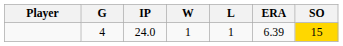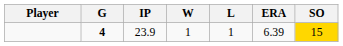 <table class="wikitable sortable">
 <tr>
 <th bgcolor="#DDDDFF" width="16%">Player</th>
 <th bgcolor="#DDDDFF" width="9%">G</th>
 <th bgcolor="#DDDDFF" width="9%">IP</th>
 <th bgcolor="#DDDDFF" width="9%">W</th>
 <th bgcolor="#DDDDFF" width="9%">L</th>
 <th bgcolor="#DDDDFF" width="9%">ERA</th>
 <th bgcolor="#DDDDFF" width="9%">SO</th>
 </tr>
 <tr align="center">
 <td></td>
-<td>4</td>
-<td>24.0</td>
+<td><strong>4</strong></td>
+<td>23.9</td>
 <td>1</td>
 <td>1</td>
 <td>6.39</td>
 <td style="background: gold;">15</td>
 </tr>
 </table>
